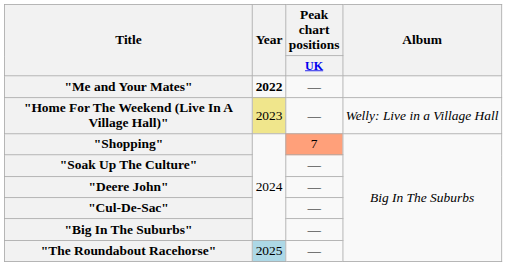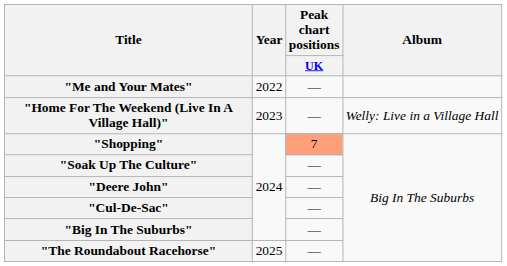 <table class="wikitable plainrowheaders" style="text-align:center;" border="1">
 <tr>
 <th scope="col" rowspan="2" style="width:18em;">Title</th>
 <th scope="col" rowspan="2">Year</th>
 <th scope="col">Peak chart positions</th>
 <th scope="col" rowspan="2">Album</th>
 </tr>
 <tr>
 <th scope="col" style="width:3em;font-size:90%;"><a href='#'>UK</a></th>
 </tr>
 <tr>
 <th scope="row">"Me and Your Mates"</th>
-<td><strong>2022</strong></td>
+<td>2022</td>
 <td>—</td>
 <td></td>
 </tr>
 <tr>
 <th scope="row">"Home For The Weekend (Live In A Village Hall)"</th>
-<td style="background: khaki;">2023</td>
+<td>2023</td>
 <td>—</td>
 <td><em>Welly: Live in a Village Hall</em></td>
 </tr>
 <tr>
 <th scope="row">"Shopping"</th>
 <td rowspan="5">2024</td>
 <td style="background: lightsalmon;">7</td>
 <td rowspan="6"><em>Big In The Suburbs</em></td>
 </tr>
 <tr>
 <th scope="row">"Soak Up The Culture"</th>
 <td>—</td>
 </tr>
 <tr>
 <th scope="row">"Deere John"</th>
 <td>—</td>
 </tr>
 <tr>
 <th scope="row">"Cul-De-Sac"</th>
 <td>—</td>
 </tr>
 <tr>
 <th scope="row">"Big In The Suburbs"</th>
 <td>—</td>
 </tr>
 <tr>
 <th scope="row">"The Roundabout Racehorse"</th>
-<td style="background: lightblue;">2025</td>
+<td>2025</td>
 <td>—</td>
 </tr>
 </table>
